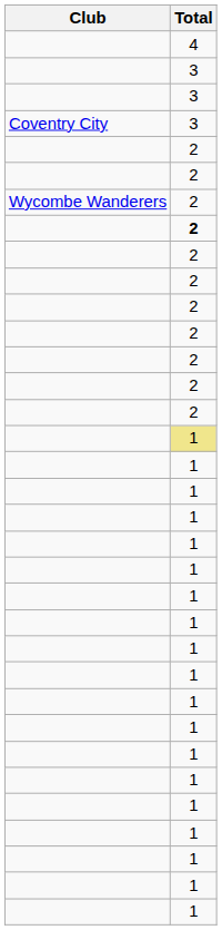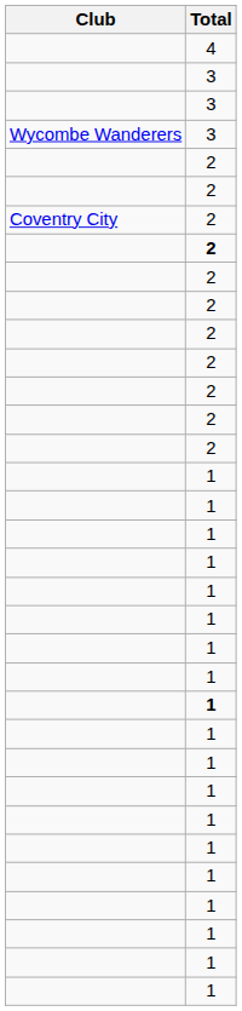 <table class="wikitable sortable">
 <tr>
 <th>Club</th>
 <th>Total</th>
 </tr>
 <tr>
 <td></td>
 <td style="text-align:center;">4</td>
 </tr>
 <tr>
 <td></td>
 <td style="text-align:center;">3</td>
 </tr>
 <tr>
 <td></td>
 <td style="text-align:center;">3</td>
 </tr>
 <tr>
-<td><a href='#'>Coventry City</a></td>
+<td><a href='#'>Wycombe Wanderers</a></td>
 <td style="text-align:center;">3</td>
 </tr>
 <tr>
 <td></td>
 <td style="text-align:center;">2</td>
 </tr>
 <tr>
 <td></td>
 <td style="text-align:center;">2</td>
 </tr>
 <tr>
-<td><a href='#'>Wycombe Wanderers</a></td>
+<td><a href='#'>Coventry City</a></td>
 <td style="text-align:center;">2</td>
 </tr>
 <tr>
 <td></td>
 <td style="text-align:center;"><strong>2</strong></td>
 </tr>
 <tr>
 <td></td>
 <td style="text-align:center;">2</td>
 </tr>
 <tr>
 <td></td>
 <td style="text-align:center;">2</td>
 </tr>
 <tr>
 <td></td>
 <td style="text-align:center;">2</td>
 </tr>
 <tr>
 <td></td>
 <td style="text-align:center;">2</td>
 </tr>
 <tr>
 <td></td>
 <td style="text-align:center;">2</td>
 </tr>
 <tr>
 <td></td>
 <td style="text-align:center;">2</td>
 </tr>
 <tr>
 <td></td>
 <td style="text-align:center;">2</td>
 </tr>
 <tr>
 <td></td>
-<td style="background: khaki; text-align:center;">1</td>
+<td style="text-align:center;">1</td>
 </tr>
 <tr>
 <td></td>
 <td style="text-align:center;">1</td>
 </tr>
 <tr>
 <td></td>
 <td style="text-align:center;">1</td>
 </tr>
 <tr>
 <td></td>
 <td style="text-align:center;">1</td>
 </tr>
 <tr>
 <td></td>
 <td style="text-align:center;">1</td>
 </tr>
 <tr>
 <td></td>
 <td style="text-align:center;">1</td>
 </tr>
 <tr>
 <td></td>
 <td style="text-align:center;">1</td>
 </tr>
 <tr>
 <td></td>
 <td style="text-align:center;">1</td>
 </tr>
 <tr>
 <td></td>
-<td style="text-align:center;">1</td>
+<td style="text-align:center;"><strong>1</strong></td>
 </tr>
 <tr>
 <td></td>
 <td style="text-align:center;">1</td>
 </tr>
 <tr>
 <td></td>
 <td style="text-align:center;">1</td>
 </tr>
 <tr>
 <td></td>
 <td style="text-align:center;">1</td>
 </tr>
 <tr>
 <td></td>
 <td style="text-align:center;">1</td>
 </tr>
 <tr>
 <td></td>
 <td style="text-align:center;">1</td>
 </tr>
 <tr>
 <td></td>
 <td style="text-align:center;">1</td>
 </tr>
 <tr>
 <td></td>
 <td style="text-align:center;">1</td>
 </tr>
 <tr>
 <td></td>
 <td style="text-align:center;">1</td>
 </tr>
 <tr>
 <td></td>
 <td style="text-align:center;">1</td>
 </tr>
 <tr>
 <td></td>
 <td style="text-align:center;">1</td>
 </tr>
 </table>
